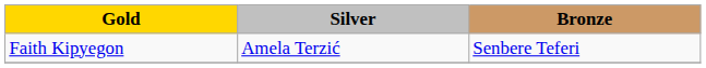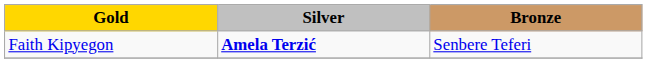 <table class="wikitable" style="text-align:left">
 <tr align="center">
 <td width=200 bgcolor=gold><strong>Gold</strong></td>
 <td width=200 bgcolor=silver><strong>Silver</strong></td>
 <td width=200 bgcolor=CC9966><strong>Bronze</strong></td>
 </tr>
 <tr>
 <td><a href='#'>Faith Kipyegon</a><br><em></em></td>
-<td><a href='#'>Amela Terzić</a><br><em></em></td>
+<td><strong><a href='#'>Amela Terzić</a><br><em></em></strong></td>
 <td><a href='#'>Senbere Teferi</a><br><em></em></td>
 </tr>
 <tr>
 </tr>
 </table>
